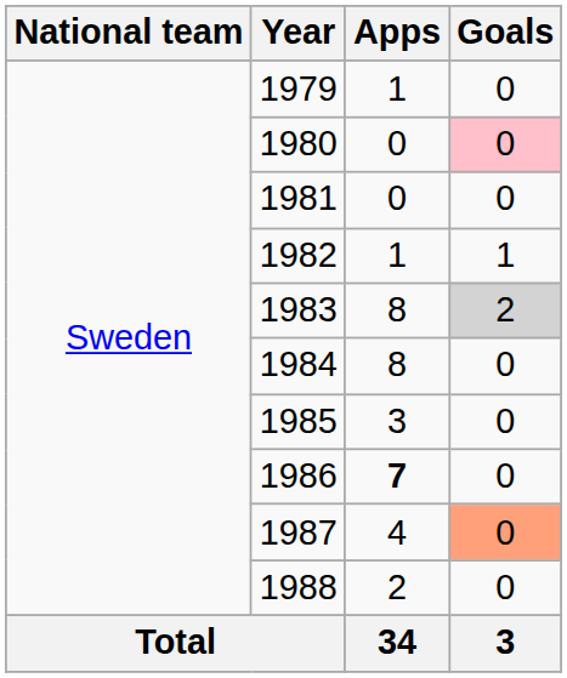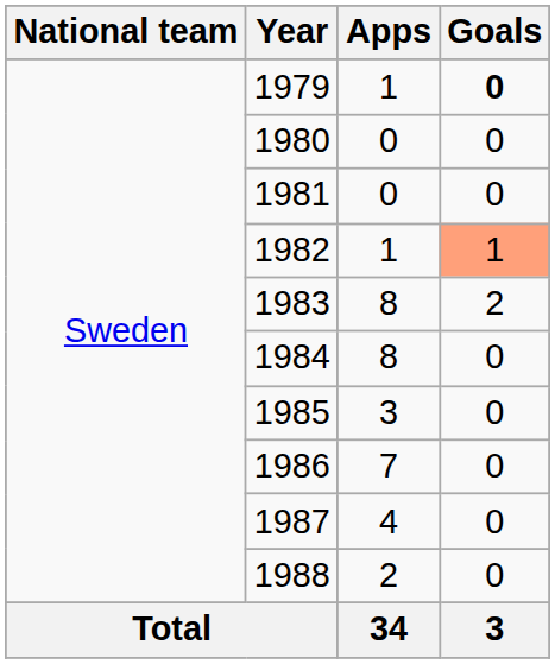 <table class="wikitable" style="text-align:center">
 <tr>
 <th>National team</th>
 <th>Year</th>
 <th>Apps</th>
 <th>Goals</th>
 </tr>
 <tr>
 <td rowspan="10"><a href='#'>Sweden</a></td>
 <td>1979</td>
 <td>1</td>
-<td>0</td>
+<td><strong>0</strong></td>
 </tr>
 <tr>
 <td>1980</td>
 <td>0</td>
-<td style="background: pink;">0</td>
+<td>0</td>
 </tr>
 <tr>
 <td>1981</td>
 <td>0</td>
 <td>0</td>
 </tr>
 <tr>
 <td>1982</td>
 <td>1</td>
-<td>1</td>
+<td style="background: lightsalmon;">1</td>
 </tr>
 <tr>
 <td>1983</td>
 <td>8</td>
-<td style="background: lightgrey;">2</td>
+<td>2</td>
 </tr>
 <tr>
 <td>1984</td>
 <td>8</td>
 <td>0</td>
 </tr>
 <tr>
 <td>1985</td>
 <td>3</td>
 <td>0</td>
 </tr>
 <tr>
 <td>1986</td>
-<td><strong>7</strong></td>
+<td>7</td>
 <td>0</td>
 </tr>
 <tr>
 <td>1987</td>
 <td>4</td>
-<td style="background: lightsalmon;">0</td>
+<td>0</td>
 </tr>
 <tr>
 <td>1988</td>
 <td>2</td>
 <td>0</td>
 </tr>
 <tr>
 <th colspan="2">Total</th>
 <th>34</th>
 <th>3</th>
 </tr>
 </table>
